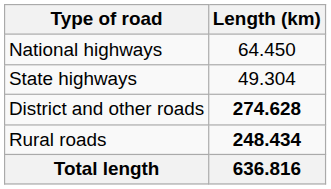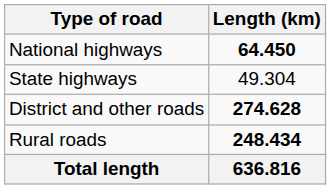 <table class="wikitable" style="text-align:center;">
 <tr>
 <th>Type of road</th>
 <th>Length (km)</th>
 </tr>
 <tr>
 <td align="left">National highways</td>
-<td>64.450</td>
+<td><strong>64.450</strong></td>
 </tr>
 <tr>
 <td align="left">State highways</td>
 <td>49.304</td>
 </tr>
 <tr>
 <td align="left">District and other roads <br> </td>
 <td><strong>274.628</strong></td>
 </tr>
 <tr>
 <td align="left">Rural roads <br> </td>
 <td><strong>248.434</strong></td>
 </tr>
 <tr>
 <th>Total length</th>
 <th>636.816</th>
 </tr>
 </table>
